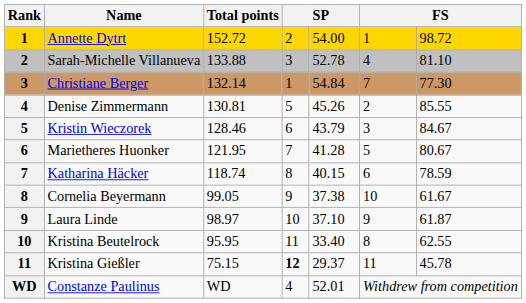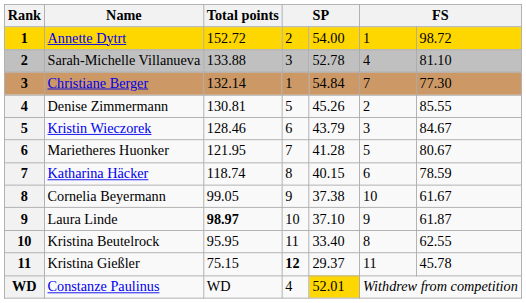 <table class="wikitable">
 <tr>
 <th>Rank</th>
 <th>Name</th>
 <th>Total points</th>
 <th colspan="2" width="80px">SP</th>
 <th colspan="2" width="80px">FS</th>
 </tr>
 <tr bgcolor="gold">
 <td align="center"><strong>1</strong></td>
 <td><a href='#'>Annette Dytrt</a></td>
 <td>152.72</td>
 <td>2</td>
 <td>54.00</td>
 <td>1</td>
 <td>98.72</td>
 </tr>
 <tr bgcolor="silver">
 <td align="center"><strong>2</strong></td>
 <td>Sarah-Michelle Villanueva</td>
 <td>133.88</td>
 <td>3</td>
 <td>52.78</td>
 <td>4</td>
 <td>81.10</td>
 </tr>
 <tr bgcolor="cc9966">
 <td align="center"><strong>3</strong></td>
 <td><a href='#'>Christiane Berger</a></td>
 <td>132.14</td>
 <td>1</td>
 <td>54.84</td>
 <td>7</td>
 <td>77.30</td>
 </tr>
 <tr>
 <th>4</th>
 <td>Denise Zimmermann</td>
 <td>130.81</td>
 <td>5</td>
 <td>45.26</td>
 <td>2</td>
 <td>85.55</td>
 </tr>
 <tr>
 <th>5</th>
 <td><a href='#'>Kristin Wieczorek</a></td>
 <td>128.46</td>
 <td>6</td>
 <td>43.79</td>
 <td>3</td>
 <td>84.67</td>
 </tr>
 <tr>
 <th>6</th>
 <td>Marietheres Huonker</td>
 <td>121.95</td>
 <td>7</td>
 <td>41.28</td>
 <td>5</td>
 <td>80.67</td>
 </tr>
 <tr>
 <th>7</th>
 <td><a href='#'>Katharina Häcker</a></td>
 <td>118.74</td>
 <td>8</td>
 <td>40.15</td>
 <td>6</td>
 <td>78.59</td>
 </tr>
 <tr>
 <th>8</th>
 <td>Cornelia Beyermann</td>
 <td>99.05</td>
 <td>9</td>
 <td>37.38</td>
 <td>10</td>
 <td>61.67</td>
 </tr>
 <tr>
 <th>9</th>
 <td>Laura Linde</td>
-<td>98.97</td>
+<td><strong>98.97</strong></td>
 <td>10</td>
 <td>37.10</td>
 <td>9</td>
 <td>61.87</td>
 </tr>
 <tr>
 <th>10</th>
 <td>Kristina Beutelrock</td>
 <td>95.95</td>
 <td>11</td>
 <td>33.40</td>
 <td>8</td>
 <td>62.55</td>
 </tr>
 <tr>
 <th>11</th>
 <td>Kristina Gießler</td>
 <td>75.15</td>
 <td><strong>12</strong></td>
 <td>29.37</td>
 <td>11</td>
 <td>45.78</td>
 </tr>
 <tr>
 <th>WD</th>
 <td><a href='#'>Constanze Paulinus</a></td>
 <td>WD</td>
 <td>4</td>
-<td>52.01</td>
+<td style="background: gold;">52.01</td>
 <td colspan="2"><em>Withdrew from competition</em></td>
 </tr>
 </table>
